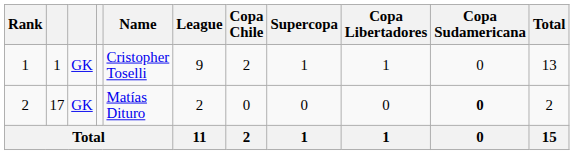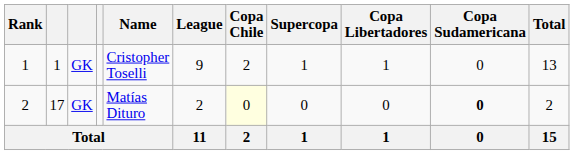 <table class="wikitable sortable" style="text-align:center">
 <tr>
 <th width="15">Rank</th>
 <th width="15"></th>
 <th width="15"></th>
 <th width="15"></th>
 <th width="145">Name</th>
 <th width="120">League</th>
 <th width="120">Copa Chile</th>
 <th width="120">Supercopa</th>
 <th width="120">Copa<br>Libertadores</th>
 <th width="120">Copa<br>Sudamericana</th>
 <th width="120">Total</th>
 </tr>
 <tr>
 <td>1</td>
 <td>1</td>
 <td><a href='#'>GK</a></td>
 <td></td>
 <td align="left"><a href='#'>Cristopher Toselli</a></td>
 <td>9</td>
 <td>2</td>
 <td>1</td>
 <td>1</td>
 <td>0</td>
 <td>13</td>
 </tr>
 <tr>
 <td>2</td>
 <td>17</td>
 <td><a href='#'>GK</a></td>
 <td></td>
 <td align="left"><a href='#'>Matías Dituro</a></td>
 <td>2</td>
-<td>0</td>
+<td style="background: lightyellow;">0</td>
 <td>0</td>
 <td>0</td>
 <td><strong>0</strong></td>
 <td>2</td>
 </tr>
 <tr>
 <th colspan="5">Total</th>
 <th>11</th>
 <th>2</th>
 <th>1</th>
 <th>1</th>
 <th>0</th>
 <th>15</th>
 </tr>
 </table>
